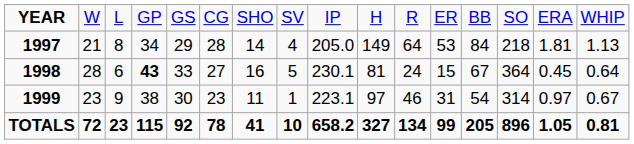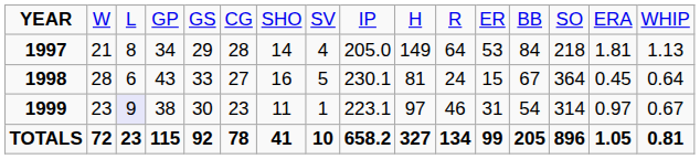 <table class="wikitable" style="text-align:center;">
 <tr>
 <td><strong>YEAR</strong></td>
 <td><a href='#'>W</a></td>
 <td><a href='#'>L</a></td>
 <td><a href='#'>GP</a></td>
 <td><a href='#'>GS</a></td>
 <td><a href='#'>CG</a></td>
 <td><a href='#'>SHO</a></td>
 <td><a href='#'>SV</a></td>
 <td><a href='#'>IP</a></td>
 <td><a href='#'>H</a></td>
 <td><a href='#'>R</a></td>
 <td><a href='#'>ER</a></td>
 <td><a href='#'>BB</a></td>
 <td><a href='#'>SO</a></td>
 <td><a href='#'>ERA</a></td>
 <td><a href='#'>WHIP</a></td>
 </tr>
 <tr>
 <td><strong>1997</strong></td>
 <td>21</td>
 <td>8</td>
 <td>34</td>
 <td>29</td>
 <td>28</td>
 <td>14</td>
 <td>4</td>
 <td>205.0</td>
 <td>149</td>
 <td>64</td>
 <td>53</td>
 <td>84</td>
 <td>218</td>
 <td>1.81</td>
 <td>1.13</td>
 </tr>
 <tr>
 <td><strong>1998</strong></td>
 <td>28</td>
 <td>6</td>
-<td><strong>43</strong></td>
+<td>43</td>
 <td>33</td>
 <td>27</td>
 <td>16</td>
 <td>5</td>
 <td>230.1</td>
 <td>81</td>
 <td>24</td>
 <td>15</td>
 <td>67</td>
 <td>364</td>
 <td>0.45</td>
 <td>0.64</td>
 </tr>
 <tr>
 <td><strong>1999</strong></td>
 <td>23</td>
-<td>9</td>
+<td style="background: lavender;">9</td>
 <td>38</td>
 <td>30</td>
 <td>23</td>
 <td>11</td>
 <td>1</td>
 <td>223.1</td>
 <td>97</td>
 <td>46</td>
 <td>31</td>
 <td>54</td>
 <td>314</td>
 <td>0.97</td>
 <td>0.67</td>
 </tr>
 <tr>
 <td><strong>TOTALS</strong></td>
 <td><strong>72</strong></td>
 <td><strong>23</strong></td>
 <td><strong>115</strong></td>
 <td><strong>92</strong></td>
 <td><strong>78</strong></td>
 <td><strong>41</strong></td>
 <td><strong>10</strong></td>
 <td><strong>658.2</strong></td>
 <td><strong>327</strong></td>
 <td><strong>134</strong></td>
 <td><strong>99</strong></td>
 <td><strong>205</strong></td>
 <td><strong>896</strong></td>
 <td><strong>1.05</strong></td>
 <td><strong>0.81</strong></td>
 </tr>
 </table>
